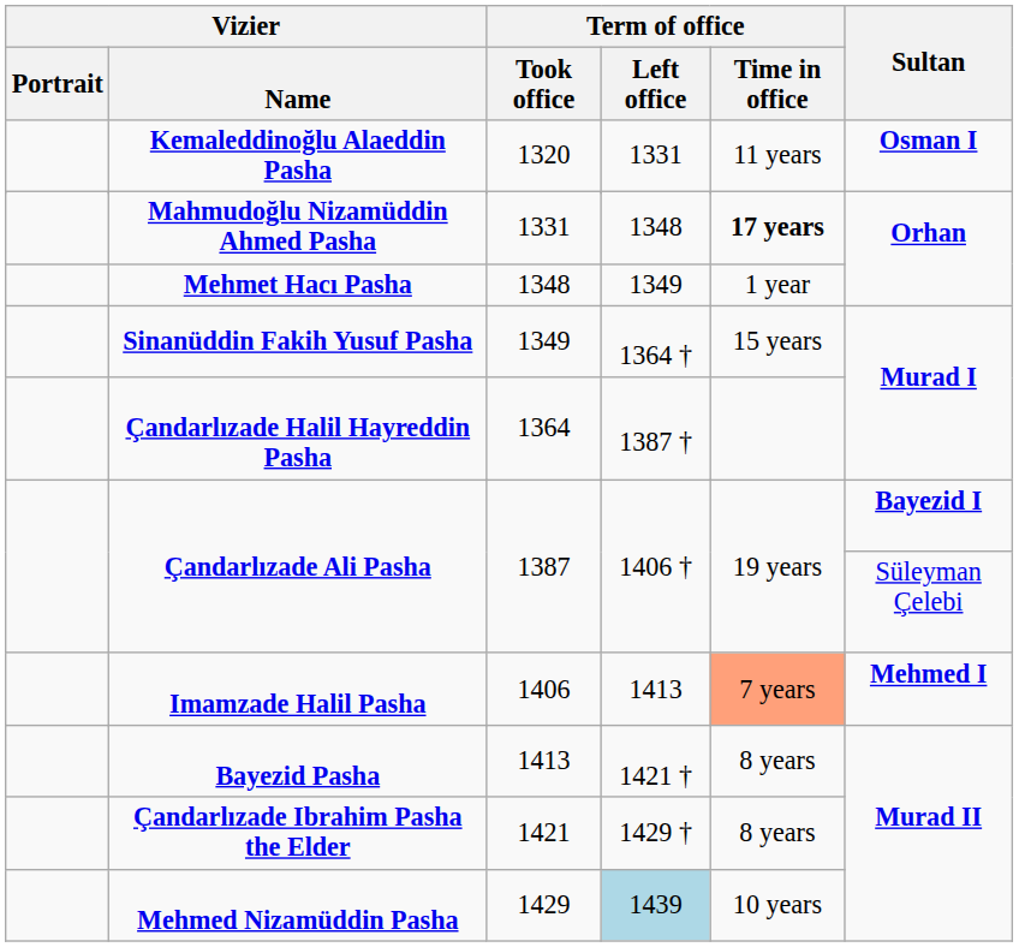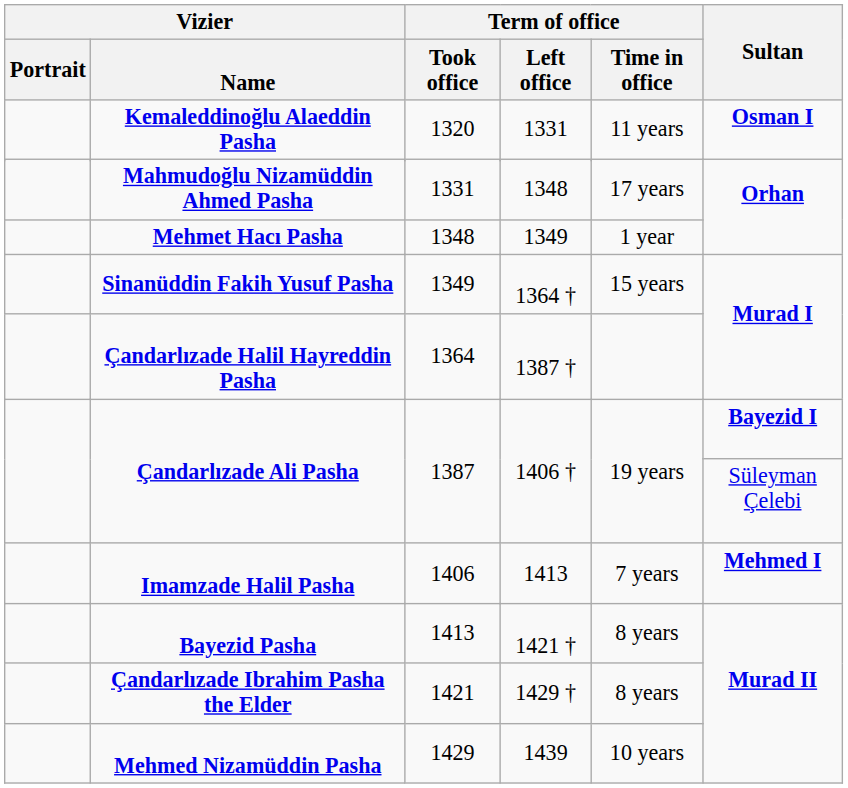 <table class="wikitable sortable mw-collapsible" style="text-align:center">
 <tr>
 <th colspan="2"><strong>Vizier</strong></th>
 <th colspan="3">Term of office</th>
 <th rowspan="2">Sultan</th>
 </tr>
 <tr>
 <th>Portrait</th>
 <th><br>Name<br></th>
 <th><strong>Took office</strong></th>
 <th><strong>Left office</strong></th>
 <th>Time in office</th>
 </tr>
 <tr>
 <td rowspan="2"></td>
 <td rowspan="2"><strong><a href='#'>Kemaleddinoğlu Alaeddin Pasha</a></strong><br></td>
 <td rowspan="2">1320</td>
 <td rowspan="2">1331</td>
 <td rowspan="2">11 years</td>
 <td><strong><a href='#'>Osman I</a></strong><br><br></td>
 </tr>
 <tr>
 <td rowspan="4"><strong><a href='#'>Orhan</a></strong><br><br></td>
 </tr>
 <tr>
 <td></td>
 <td><strong><a href='#'>Mahmudoğlu Nizamüddin Ahmed Pasha</a></strong><br></td>
 <td>1331</td>
 <td>1348</td>
-<td><strong>17 years</strong></td>
+<td>17 years</td>
 </tr>
 <tr>
 <td></td>
 <td><strong><a href='#'>Mehmet Hacı Pasha</a></strong><br></td>
 <td>1348</td>
 <td>1349</td>
 <td>1 year</td>
 </tr>
 <tr>
 <td rowspan="2"></td>
 <td rowspan="2"><strong><a href='#'>Sinanüddin Fakih Yusuf Pasha</a></strong><br></td>
 <td rowspan="2">1349</td>
 <td rowspan="2"><br>1364 †<br><em></em></td>
 <td rowspan="2">15 years</td>
 </tr>
 <tr>
 <td rowspan="3"><strong><a href='#'>Murad I</a></strong><br><br></td>
 </tr>
 <tr>
 <td></td>
 <td><br><a href='#'><strong>Çandarlızade Halil Hayreddin Pasha</strong></a><br></td>
 <td>1364</td>
 <td><br>1387 †<br><em></em></td>
 <td></td>
 </tr>
 <tr>
 <td rowspan="3"></td>
 <td rowspan="3"><strong><a href='#'>Çandarlızade Ali Pasha</a></strong><br></td>
 <td rowspan="3">1387</td>
 <td rowspan="3">1406 †<br><em></em></td>
 <td rowspan="3">19 years</td>
 </tr>
 <tr>
 <td><strong><a href='#'>Bayezid I</a></strong><br><br></td>
 </tr>
 <tr>
 <td><a href='#'>Süleyman Çelebi</a><br><br></td>
 </tr>
 <tr>
 <td></td>
 <td><br><strong><a href='#'>Imamzade Halil Pasha</a></strong><br></td>
 <td>1406</td>
 <td>1413</td>
-<td style="background: lightsalmon;">7 years</td>
+<td>7 years</td>
 <td rowspan="2"><strong><a href='#'>Mehmed I</a></strong><br><br></td>
 </tr>
 <tr>
 <td rowspan="2"></td>
 <td rowspan="2"><br><strong><a href='#'>Bayezid Pasha</a></strong><br></td>
 <td rowspan="2">1413</td>
 <td rowspan="2"><br>1421 †<br><em></em></td>
 <td rowspan="2">8 years</td>
 </tr>
 <tr>
 <td rowspan="3"><strong><a href='#'>Murad II</a></strong><br><br></td>
 </tr>
 <tr>
 <td></td>
 <td><strong><a href='#'>Çandarlızade Ibrahim Pasha the Elder</a></strong><br></td>
 <td>1421</td>
 <td>1429 †<br><em></em></td>
 <td>8 years</td>
 </tr>
 <tr>
 <td></td>
 <td> <br><a href='#'><strong>Mehmed Nizamüddin Pasha</strong></a><br></td>
 <td>1429</td>
-<td style="background: lightblue;">1439</td>
+<td>1439</td>
 <td>10 years</td>
 </tr>
 </table>
